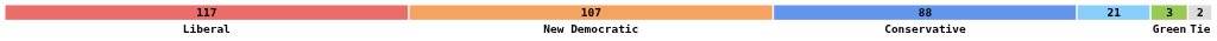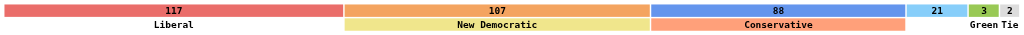 <table style="width:88%; text-align:center; font-weight: bold;">
 <tr style="color:black;">
 <td style="background:#EA6D6A; width:34.91%;">117</td>
 <td style="background:#F4A460; width:31.36%;">107</td>
 <td style="background:#6495ED; width:26.03%;">88</td>
 <td style="background:#87CEFA; width:06.21%;">21</td>
 <td style="background:#99C955; width:00.89%;">3</td>
 <td style="background:#DCDCDC; width:00.59%;">2</td>
 </tr>
 <tr>
 <td>Liberal</td>
-<td>New Democratic</td>
-<td>Conservative</td>
+<td style="background: khaki;">New Democratic</td>
+<td style="background: lightsalmon;">Conservative</td>
 <td></td>
 <td>Green</td>
 <td>Tie</td>
 </tr>
 </table>
